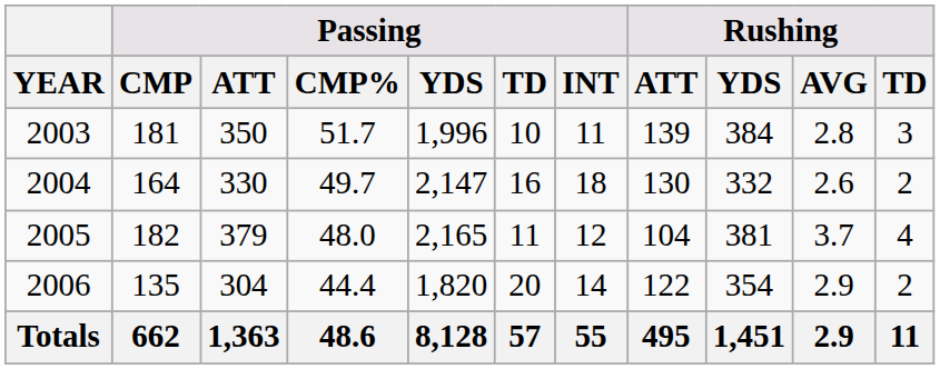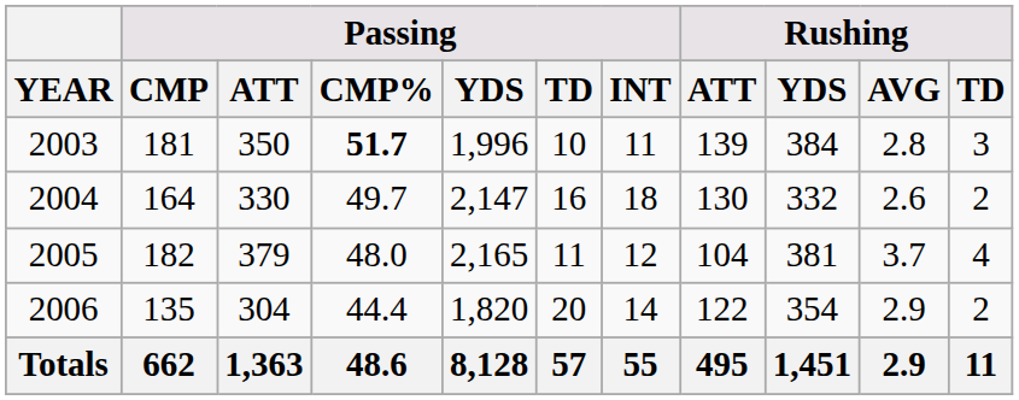 <table class=wikitable style="text-align:center">
 <tr>
 <th></th>
 <th colspan="6" style="background:#e7e3e7;">Passing</th>
 <th colspan="4" style="background:#e7e3e7;">Rushing</th>
 </tr>
 <tr>
 <th>YEAR</th>
 <th>CMP</th>
 <th>ATT</th>
 <th>CMP%</th>
 <th>YDS</th>
 <th>TD</th>
 <th>INT</th>
 <th>ATT</th>
 <th>YDS</th>
 <th>AVG</th>
 <th>TD</th>
 </tr>
 <tr>
 <td>2003</td>
 <td>181</td>
 <td>350</td>
-<td>51.7</td>
+<td><strong>51.7</strong></td>
 <td>1,996</td>
 <td>10</td>
 <td>11</td>
 <td>139</td>
 <td>384</td>
 <td>2.8</td>
 <td>3</td>
 </tr>
 <tr>
 <td>2004</td>
 <td>164</td>
 <td>330</td>
 <td>49.7</td>
 <td>2,147</td>
 <td>16</td>
 <td>18</td>
 <td>130</td>
 <td>332</td>
 <td>2.6</td>
 <td>2</td>
 </tr>
 <tr>
 <td>2005</td>
 <td>182</td>
 <td>379</td>
 <td>48.0</td>
 <td>2,165</td>
 <td>11</td>
 <td>12</td>
 <td>104</td>
 <td>381</td>
 <td>3.7</td>
 <td>4</td>
 </tr>
 <tr>
 <td>2006</td>
 <td>135</td>
 <td>304</td>
 <td>44.4</td>
 <td>1,820</td>
 <td>20</td>
 <td>14</td>
 <td>122</td>
 <td>354</td>
 <td>2.9</td>
 <td>2</td>
 </tr>
 <tr>
 <th>Totals</th>
 <th>662</th>
 <th>1,363</th>
 <th>48.6</th>
 <th>8,128</th>
 <th>57</th>
 <th>55</th>
 <th>495</th>
 <th>1,451</th>
 <th>2.9</th>
 <th>11</th>
 </tr>
 </table>
